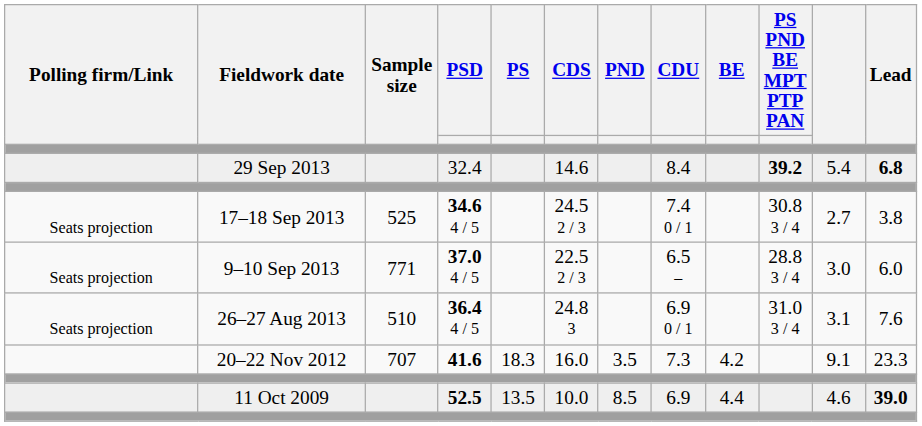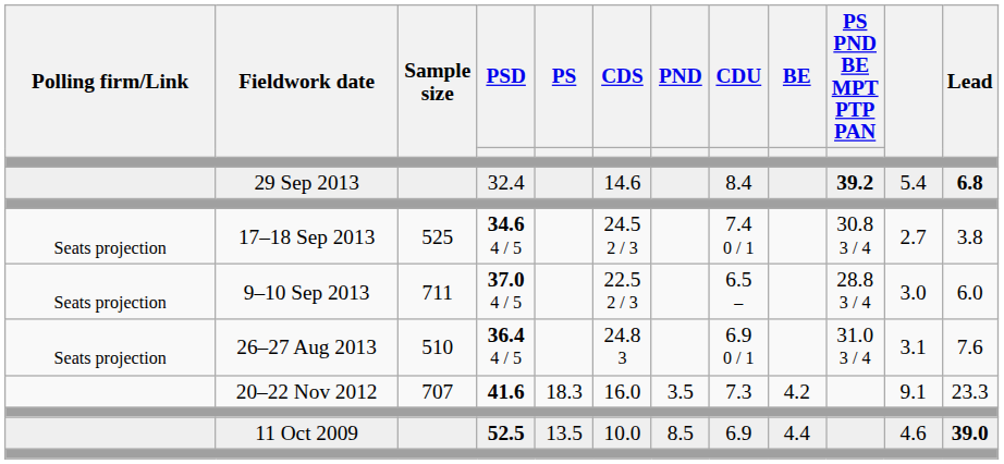 <table class="wikitable collapsible sortable" style="text-align:center; font-size:95%; line-height:16px;">
 <tr style="height:42px;">
 <th style="width:145px;" rowspan="2">Polling firm/Link</th>
 <th style="width:125px;" rowspan="2">Fieldwork date</th>
 <th class="unsortable" style="width:50px;" rowspan="2">Sample size</th>
 <th class="unsortable" style="width:35px;"><a href='#'>PSD</a></th>
 <th class="unsortable" style="width:35px;"><a href='#'>PS</a></th>
 <th class="unsortable" style="width:35px;"><a href='#'>CDS</a></th>
 <th class="unsortable" style="width:35px;"><a href='#'>PND</a></th>
 <th class="unsortable" style="width:35px;"><a href='#'>CDU</a></th>
 <th class="unsortable" style="width:35px;"><a href='#'>BE</a></th>
 <th class="unsortable" style="width:35px;"><a href='#'>PS</a><br><a href='#'>PND</a><br><a href='#'>BE</a><br><a href='#'>MPT</a><br><a href='#'>PTP</a><br><a href='#'>PAN</a></th>
 <th class="unsortable" style="width:35px;" rowspan="2"></th>
 <th class="unsortable" style="width:30px;" rowspan="2">Lead</th>
 </tr>
 <tr>
 <th class="unsortable" style="color:inherit;background:"></th>
 <th class="unsortable" style="color:inherit;background:"></th>
 <th class="unsortable" style="color:inherit;background:"></th>
 <th class="unsortable" style="color:inherit;background:"></th>
 <th class="unsortable" style="color:inherit;background:"></th>
 <th class="unsortable" style="color:inherit;background:"></th>
 <th class="unsortable" style="color:inherit;background:"></th>
 </tr>
 <tr>
 <td colspan="13" style="background:#A0A0A0"></td>
 </tr>
 <tr style="background:#EFEFEF;">
 <td><strong></strong></td>
 <td data-sort-value="2019-10-06">29 Sep 2013</td>
 <td></td>
 <td>32.4<br></td>
 <td></td>
 <td>14.6<br></td>
 <td></td>
 <td>8.4<br></td>
 <td></td>
 <td><strong>39.2</strong><br></td>
 <td>5.4</td>
 <td style="background:"><strong>6.8</strong></td>
 </tr>
 <tr>
 <td colspan="13" style="background:#A0A0A0"></td>
 </tr>
 <tr>
 <td align="center"><br><small>Seats projection</small></td>
 <td align="center">17–18 Sep 2013</td>
 <td>525</td>
 <td align="center" ><strong>34.6</strong><br><small>4 / 5 </small></td>
 <td></td>
 <td align="center">24.5<br><small>2 / 3 </small></td>
 <td></td>
 <td align="center">7.4<br><small>0 / 1</small></td>
 <td></td>
 <td align="center">30.8<br><small>3 / 4  </small></td>
 <td align="center">2.7</td>
 <td style="background:">3.8</td>
 </tr>
 <tr>
 <td align="center"><br><small>Seats projection</small></td>
 <td align="center">9–10 Sep 2013</td>
-<td>771</td>
+<td>711</td>
 <td align="center" ><strong>37.0</strong><br><small>4 / 5 </small></td>
 <td></td>
 <td align="center">22.5<br><small>2 / 3 </small></td>
 <td></td>
 <td align="center">6.5<br><small> –</small></td>
 <td></td>
 <td align="center">28.8<br><small>3 / 4  </small></td>
 <td align="center">3.0</td>
 <td style="background:">6.0</td>
 </tr>
 <tr>
 <td align="center"><br><small>Seats projection</small></td>
 <td align="center">26–27 Aug 2013</td>
 <td>510</td>
 <td align="center" ><strong>36.4</strong><br><small>4 / 5 </small></td>
 <td></td>
 <td align="center">24.8<br><small>3 </small></td>
 <td></td>
 <td align="center">6.9<br><small>0 / 1</small></td>
 <td></td>
 <td align="center">31.0<br><small>3 / 4  </small></td>
 <td align="center">3.1</td>
 <td style="background:">7.6</td>
 </tr>
 <tr>
 <td align="center"></td>
 <td align="center">20–22 Nov 2012</td>
 <td>707</td>
 <td align="center" ><strong>41.6</strong></td>
 <td align="center">18.3</td>
 <td align="center">16.0</td>
 <td align="center">3.5</td>
 <td align="center">7.3</td>
 <td align="center">4.2</td>
 <td></td>
 <td align="center">9.1</td>
 <td style="background:">23.3</td>
 </tr>
 <tr>
 <td colspan="13" style="background:#A0A0A0"></td>
 </tr>
 <tr style="background:#EFEFEF;">
 <td><strong></strong></td>
 <td data-sort-value="2019-10-06">11 Oct 2009</td>
 <td></td>
 <td><strong>52.5</strong><br></td>
 <td>13.5<br></td>
 <td>10.0<br></td>
 <td>8.5<br></td>
 <td>6.9<br></td>
 <td>4.4<br></td>
 <td></td>
 <td>4.6<br></td>
 <td style="background:"><strong>39.0</strong></td>
 </tr>
 <tr>
 <td colspan="13" style="background:#A0A0A0"></td>
 </tr>
 </table>
